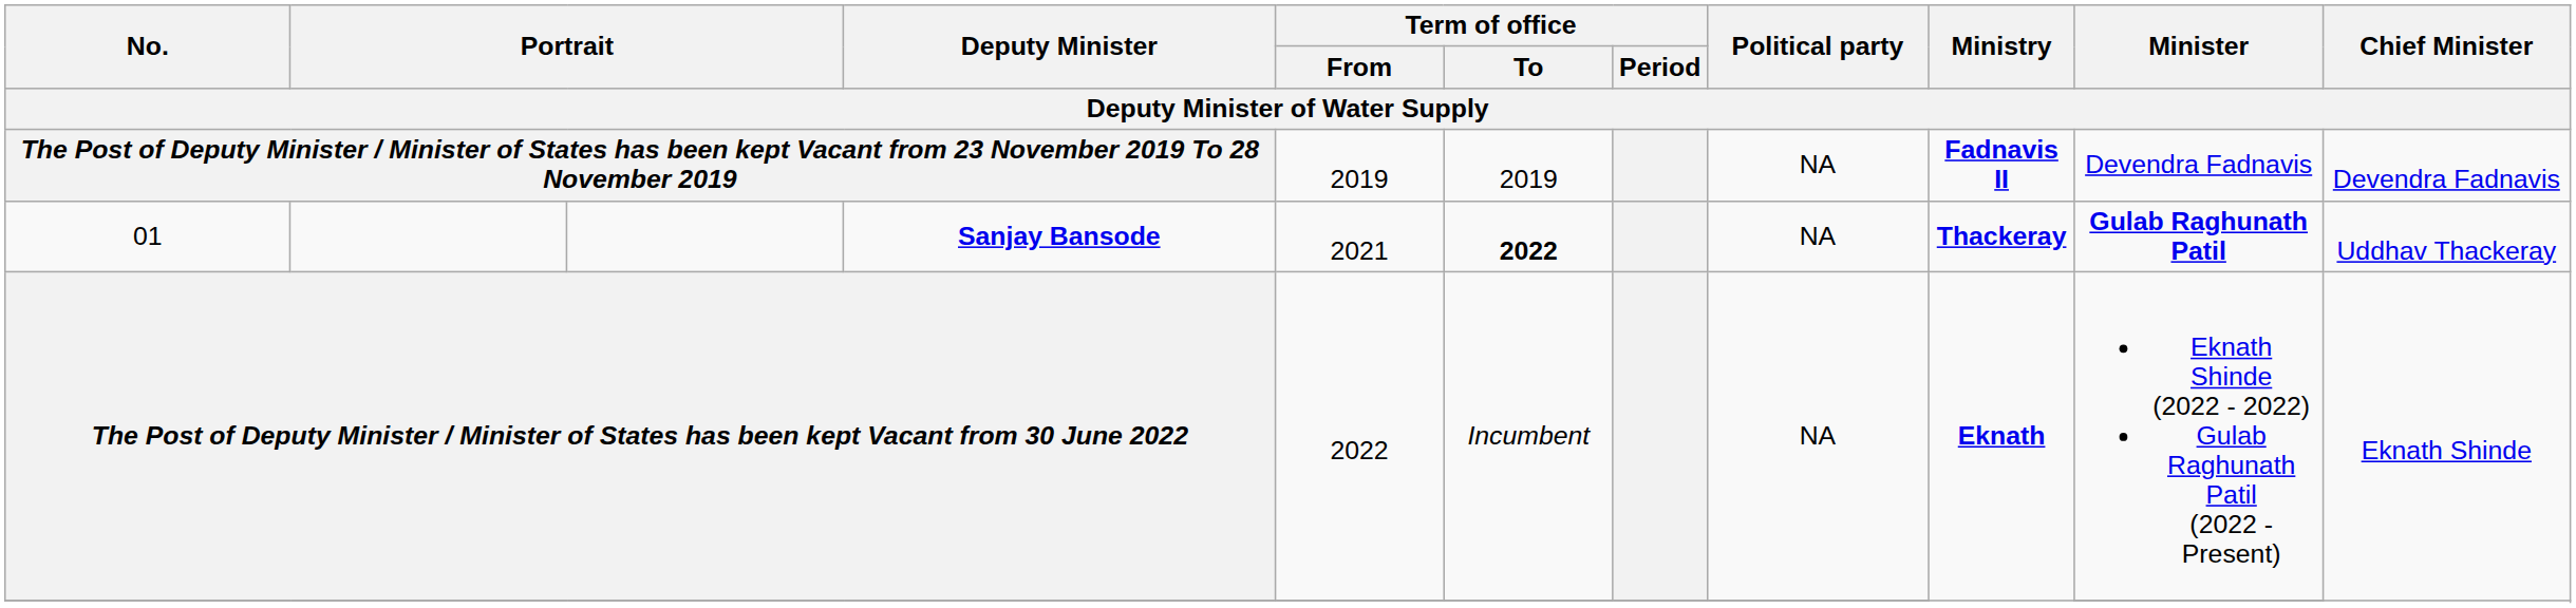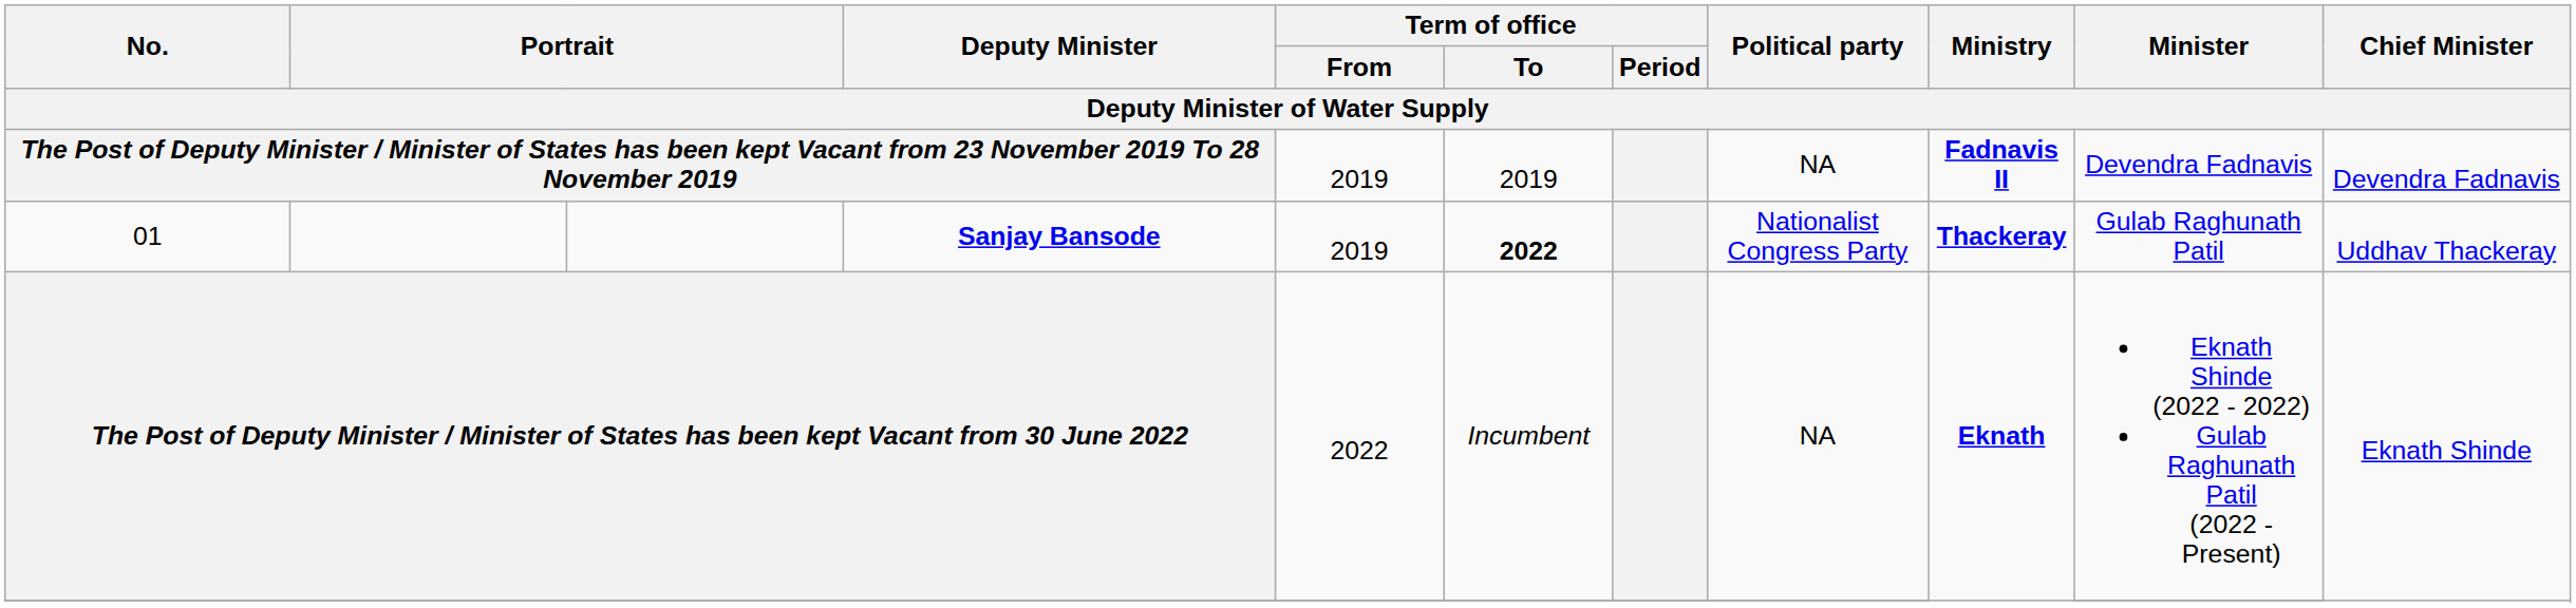 <table class="wikitable collapsible collapsed" style="text-align:center;">
 <tr>
 <th rowspan="2">No.</th>
 <th rowspan="2" colspan="2">Portrait</th>
 <th rowspan="2" style="width:16em">Deputy Minister<br></th>
 <th colspan="3">Term of office</th>
 <th rowspan="2" style="width:8em">Political party</th>
 <th rowspan="2">Ministry</th>
 <th rowspan="2" style="width:9em">Minister</th>
 <th rowspan="2" style="width:9em">Chief Minister</th>
 </tr>
 <tr>
 <th style="width:6em">From</th>
 <th style="width:6em">To</th>
 <th>Period</th>
 </tr>
 <tr>
 <th colspan="11">Deputy Minister of Water Supply</th>
 </tr>
 <tr>
 <th colspan="4"><strong><em>The Post of Deputy Minister / Minister of States has been kept Vacant from 23 November 2019 To 28 November 2019</em></strong></th>
 <td><br>2019</td>
 <td><br>2019</td>
 <th></th>
 <td>NA</td>
 <td rowspan="1"><a href='#'><strong>Fadnavis II</strong></a></td>
 <td><a href='#'>Devendra Fadnavis</a></td>
 <td rowspan="1"> <br><a href='#'>Devendra Fadnavis</a></td>
 </tr>
 <tr>
 <td>01</td>
 <td style="color:inherit;background:"></td>
 <td></td>
 <td><strong><a href='#'>Sanjay Bansode</a></strong> <br> </td>
-<td><br>2021</td>
+<td><br>2019</td>
 <td><strong><br>2022</strong></td>
 <th></th>
-<td>NA</td>
+<td><a href='#'>Nationalist Congress Party</a></td>
 <td rowspan="1"><a href='#'><strong>Thackeray</strong></a></td>
-<td><strong><a href='#'>Gulab Raghunath Patil</a></strong></td>
+<td><a href='#'>Gulab Raghunath Patil</a></td>
 <td rowspan="1"> <br><a href='#'>Uddhav Thackeray</a></td>
 </tr>
 <tr>
 <th colspan="4"><strong><em>The Post of Deputy Minister / Minister of States has been kept Vacant from 30 June 2022</em></strong></th>
 <td><br>2022</td>
 <td><em>Incumbent</em></td>
 <th></th>
 <td>NA</td>
 <td rowspan="2"><a href='#'><strong>Eknath</strong></a></td>
 <td><br><ul><li><a href='#'>Eknath Shinde</a><br>(2022 - 2022)</li><li><a href='#'>Gulab Raghunath Patil</a><br>(2022 - Present)</li></ul></td>
 <td rowspan="2"> <br><a href='#'>Eknath Shinde</a></td>
 </tr>
 <tr>
 </tr>
 </table>
